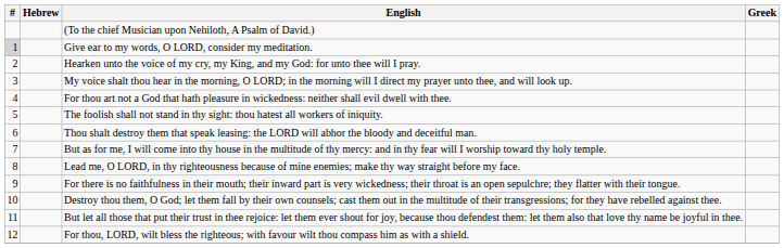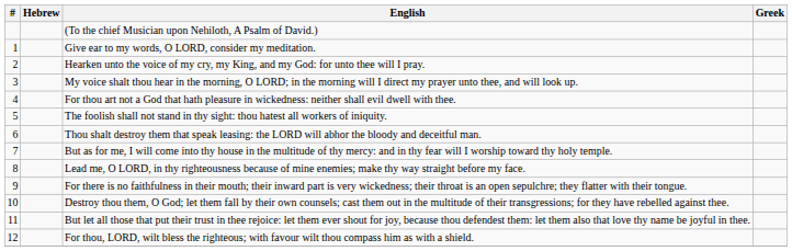 <table class=wikitable>
 <tr>
 <th>#</th>
 <th>Hebrew</th>
 <th>English</th>
 <th>Greek</th>
 </tr>
 <tr>
 <td style="text-align:right"></td>
 <td style="text-align:right"></td>
 <td>(To the chief Musician upon Nehiloth, A Psalm of David.)</td>
 <td></td>
 </tr>
 <tr>
-<td style="background: lightgrey; text-align:right">1</td>
+<td style="text-align:right">1</td>
 <td style="text-align:right"></td>
 <td>Give ear to my words, O LORD, consider my meditation.</td>
 <td></td>
 </tr>
 <tr>
 <td style="text-align:right">2</td>
 <td style="text-align:right"></td>
 <td>Hearken unto the voice of my cry, my King, and my God: for unto thee will I pray.</td>
 <td></td>
 </tr>
 <tr>
 <td style="text-align:right">3</td>
 <td style="text-align:right"></td>
 <td>My voice shalt thou hear in the morning, O LORD; in the morning will I direct my prayer unto thee, and will look up.</td>
 <td></td>
 </tr>
 <tr>
 <td style="text-align:right">4</td>
 <td style="text-align:right"></td>
 <td>For thou art not a God that hath pleasure in wickedness: neither shall evil dwell with thee.</td>
 <td></td>
 </tr>
 <tr>
 <td style="text-align:right">5</td>
 <td style="text-align:right"></td>
 <td>The foolish shall not stand in thy sight: thou hatest all workers of iniquity.</td>
 <td></td>
 </tr>
 <tr>
 <td style="text-align:right">6</td>
 <td style="text-align:right"></td>
 <td>Thou shalt destroy them that speak leasing: the LORD will abhor the bloody and deceitful man.</td>
 <td></td>
 </tr>
 <tr>
 <td style="text-align:right">7</td>
 <td style="text-align:right"></td>
 <td>But as for me, I will come into thy house in the multitude of thy mercy: and in thy fear will I worship toward thy holy temple.</td>
 <td></td>
 </tr>
 <tr>
 <td style="text-align:right">8</td>
 <td style="text-align:right"></td>
 <td>Lead me, O LORD, in thy righteousness because of mine enemies; make thy way straight before my face.</td>
 <td></td>
 </tr>
 <tr>
 <td style="text-align:right">9</td>
 <td style="text-align:right"></td>
 <td>For there is no faithfulness in their mouth; their inward part is very wickedness; their throat is an open sepulchre; they flatter with their tongue.</td>
 <td></td>
 </tr>
 <tr>
 <td style="text-align:right">10</td>
 <td style="text-align:right"></td>
 <td>Destroy thou them, O God; let them fall by their own counsels; cast them out in the multitude of their transgressions; for they have rebelled against thee.</td>
 <td></td>
 </tr>
 <tr>
 <td style="text-align:right">11</td>
 <td style="text-align:right"></td>
 <td>But let all those that put their trust in thee rejoice: let them ever shout for joy, because thou defendest them: let them also that love thy name be joyful in thee.</td>
 <td></td>
 </tr>
 <tr>
 <td style="text-align:right">12</td>
 <td style="text-align:right"></td>
 <td>For thou, LORD, wilt bless the righteous; with favour wilt thou compass him as with a shield.</td>
 <td></td>
 </tr>
 <tr>
 </tr>
 </table>
